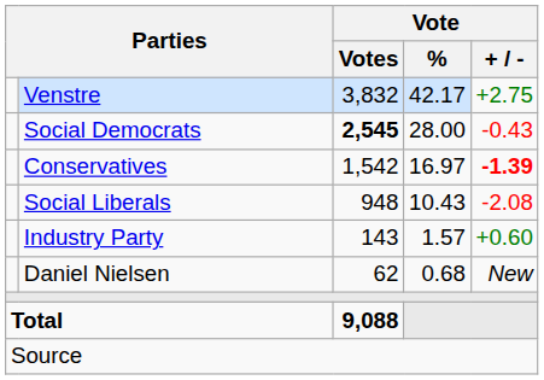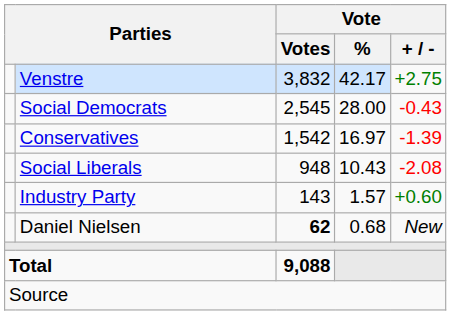 <table class="wikitable" style="text-align:right;">
 <tr>
 <th style="text-align:centre;" rowspan="2" colspan="2" width="225">Parties</th>
 <th colspan="3">Vote</th>
 </tr>
 <tr>
 <th width="15">Votes</th>
 <th width="15">%</th>
 <th width="15">+ / -</th>
 </tr>
 <tr>
 <td width="2" style="color:inherit;background:"></td>
 <td bgcolor=#cfe5fe  align="left"><a href='#'>Venstre</a></td>
 <td bgcolor=#cfe5fe>3,832</td>
 <td bgcolor=#cfe5fe>42.17</td>
 <td style=color:green;>+2.75</td>
 </tr>
 <tr>
 <td width="2" style="color:inherit;background:"></td>
 <td align="left"><a href='#'>Social Democrats</a></td>
-<td><strong>2,545</strong></td>
+<td>2,545</td>
 <td>28.00</td>
 <td style=color:red;>-0.43</td>
 </tr>
 <tr>
 <td width="2" style="color:inherit;background:"></td>
 <td align="left"><a href='#'>Conservatives</a></td>
 <td>1,542</td>
 <td>16.97</td>
-<td style=color:red;><strong>-1.39</strong></td>
+<td style=color:red;>-1.39</td>
 </tr>
 <tr>
 <td width="2" style="color:inherit;background:"></td>
 <td align="left"><a href='#'>Social Liberals</a></td>
 <td>948</td>
 <td>10.43</td>
 <td style=color:red;>-2.08</td>
 </tr>
 <tr>
 <td width="2" style="color:inherit;background:"></td>
 <td align="left"><a href='#'>Industry Party</a></td>
 <td>143</td>
 <td>1.57</td>
 <td style=color:green;>+0.60</td>
 </tr>
 <tr>
 <td width="2" style="color:inherit;background:"></td>
 <td align="left">Daniel Nielsen</td>
-<td>62</td>
+<td><strong>62</strong></td>
 <td>0.68</td>
 <td><em>New</em></td>
 </tr>
 <tr>
 <td colspan="7" bgcolor="#E9E9E9"></td>
 </tr>
 <tr>
 <td align="left" colspan="2"><strong>Total</strong></td>
 <td><strong>9,088</strong></td>
 <td bgcolor="#E9E9E9" colspan="2"></td>
 </tr>
 <tr>
 <td align="left" colspan="6">Source</td>
 </tr>
 </table>
